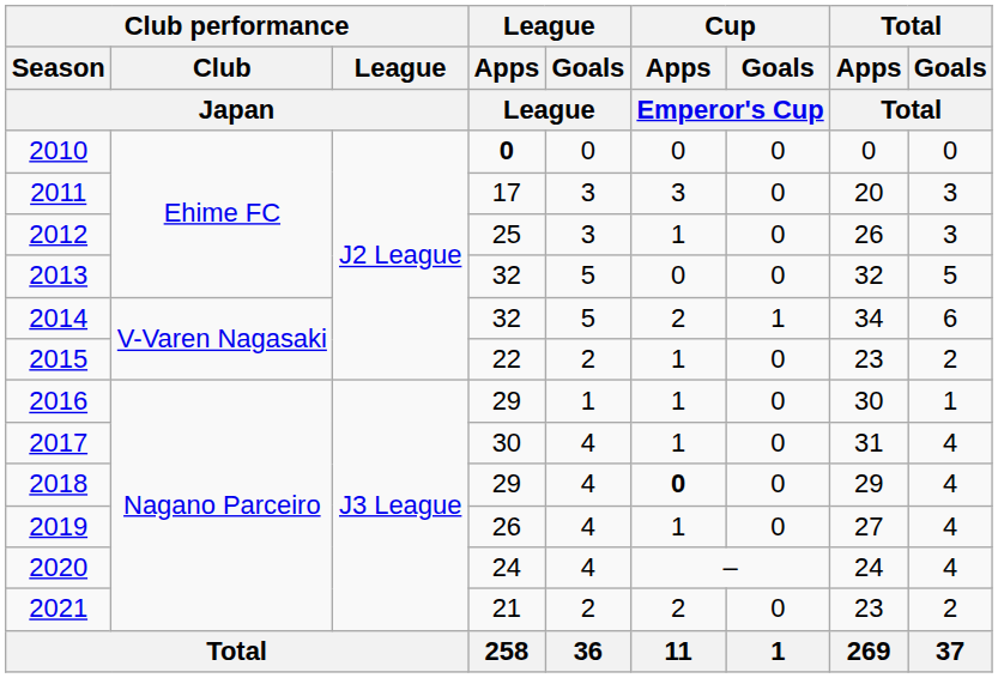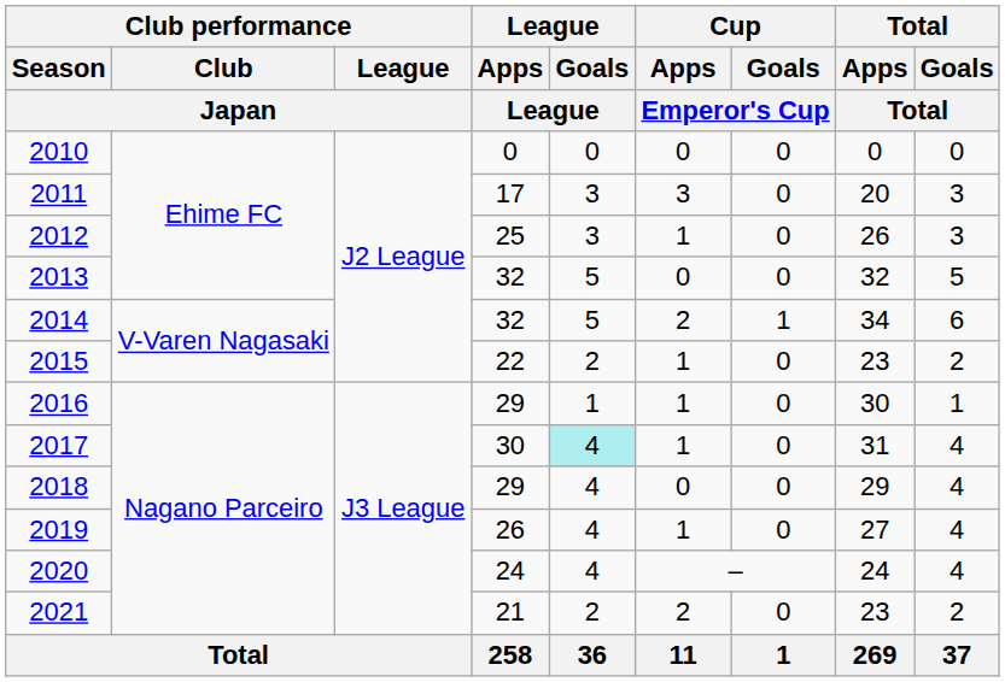 <table class="wikitable" style="text-align:center;">
 <tr>
 <th colspan=3>Club performance</th>
 <th colspan=2>League</th>
 <th colspan=2>Cup</th>
 <th colspan=2>Total</th>
 </tr>
 <tr>
 <th>Season</th>
 <th>Club</th>
 <th>League</th>
 <th>Apps</th>
 <th>Goals</th>
 <th>Apps</th>
 <th>Goals</th>
 <th>Apps</th>
 <th>Goals</th>
 </tr>
 <tr>
 <th colspan=3>Japan</th>
 <th colspan=2>League</th>
 <th colspan=2><a href='#'>Emperor's Cup</a></th>
 <th colspan=2>Total</th>
 </tr>
 <tr>
 <td><a href='#'>2010</a></td>
 <td rowspan="4"><a href='#'>Ehime FC</a></td>
 <td rowspan="6"><a href='#'>J2 League</a></td>
-<td><strong>0</strong></td>
+<td>0</td>
 <td>0</td>
 <td>0</td>
 <td>0</td>
 <td>0</td>
 <td>0</td>
 </tr>
 <tr>
 <td><a href='#'>2011</a></td>
 <td>17</td>
 <td>3</td>
 <td>3</td>
 <td>0</td>
 <td>20</td>
 <td>3</td>
 </tr>
 <tr>
 <td><a href='#'>2012</a></td>
 <td>25</td>
 <td>3</td>
 <td>1</td>
 <td>0</td>
 <td>26</td>
 <td>3</td>
 </tr>
 <tr>
 <td><a href='#'>2013</a></td>
 <td>32</td>
 <td>5</td>
 <td>0</td>
 <td>0</td>
 <td>32</td>
 <td>5</td>
 </tr>
 <tr>
 <td><a href='#'>2014</a></td>
 <td rowspan="2"><a href='#'>V-Varen Nagasaki</a></td>
 <td>32</td>
 <td>5</td>
 <td>2</td>
 <td>1</td>
 <td>34</td>
 <td>6</td>
 </tr>
 <tr>
 <td><a href='#'>2015</a></td>
 <td>22</td>
 <td>2</td>
 <td>1</td>
 <td>0</td>
 <td>23</td>
 <td>2</td>
 </tr>
 <tr>
 <td><a href='#'>2016</a></td>
 <td rowspan="6"><a href='#'>Nagano Parceiro</a></td>
 <td rowspan="6"><a href='#'>J3 League</a></td>
 <td>29</td>
 <td>1</td>
 <td>1</td>
 <td>0</td>
 <td>30</td>
 <td>1</td>
 </tr>
 <tr>
 <td><a href='#'>2017</a></td>
 <td>30</td>
-<td>4</td>
+<td style="background: paleturquoise;">4</td>
 <td>1</td>
 <td>0</td>
 <td>31</td>
 <td>4</td>
 </tr>
 <tr>
 <td><a href='#'>2018</a></td>
 <td>29</td>
 <td>4</td>
-<td><strong>0</strong></td>
+<td>0</td>
 <td>0</td>
 <td>29</td>
 <td>4</td>
 </tr>
 <tr>
 <td><a href='#'>2019</a></td>
 <td>26</td>
 <td>4</td>
 <td>1</td>
 <td>0</td>
 <td>27</td>
 <td>4</td>
 </tr>
 <tr>
 <td><a href='#'>2020</a></td>
 <td>24</td>
 <td>4</td>
 <td colspan="2">–</td>
 <td>24</td>
 <td>4</td>
 </tr>
 <tr>
 <td><a href='#'>2021</a></td>
 <td>21</td>
 <td>2</td>
 <td>2</td>
 <td>0</td>
 <td>23</td>
 <td>2</td>
 </tr>
 <tr>
 <th colspan=3>Total</th>
 <th>258</th>
 <th>36</th>
 <th>11</th>
 <th>1</th>
 <th>269</th>
 <th>37</th>
 </tr>
 </table>
